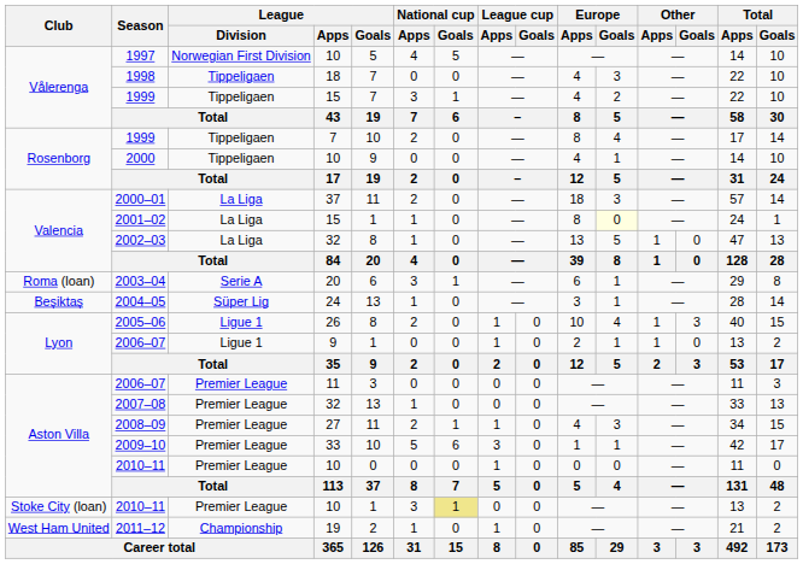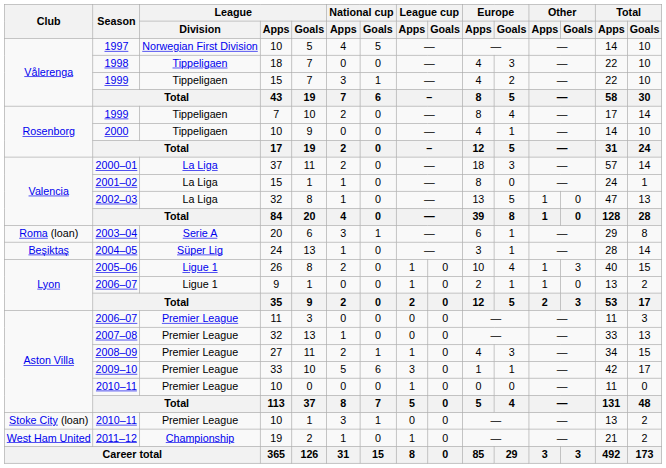 <table class="wikitable" style="text-align:center">
 <tr>
 <th rowspan="2">Club</th>
 <th rowspan="2">Season</th>
 <th colspan="3">League</th>
 <th colspan="2">National cup</th>
 <th colspan="2">League cup</th>
 <th colspan="2">Europe</th>
 <th colspan="2">Other</th>
 <th colspan="2">Total</th>
 </tr>
 <tr>
 <th>Division</th>
 <th>Apps</th>
 <th>Goals</th>
 <th>Apps</th>
 <th>Goals</th>
 <th>Apps</th>
 <th>Goals</th>
 <th>Apps</th>
 <th>Goals</th>
 <th>Apps</th>
 <th>Goals</th>
 <th>Apps</th>
 <th>Goals</th>
 </tr>
 <tr>
 <td rowspan="4"><a href='#'>Vålerenga</a></td>
 <td><a href='#'>1997</a></td>
 <td><a href='#'>Norwegian First Division</a></td>
 <td>10</td>
 <td>5</td>
 <td>4</td>
 <td>5</td>
 <td colspan="2">—</td>
 <td colspan="2">—</td>
 <td colspan="2">—</td>
 <td>14</td>
 <td>10</td>
 </tr>
 <tr>
 <td><a href='#'>1998</a></td>
 <td><a href='#'>Tippeligaen</a></td>
 <td>18</td>
 <td>7</td>
 <td>0</td>
 <td>0</td>
 <td colspan="2">—</td>
 <td>4</td>
 <td>3</td>
 <td colspan="2">—</td>
 <td>22</td>
 <td>10</td>
 </tr>
 <tr>
 <td><a href='#'>1999</a></td>
 <td>Tippeligaen</td>
 <td>15</td>
 <td>7</td>
 <td>3</td>
 <td>1</td>
 <td colspan="2">—</td>
 <td>4</td>
 <td>2</td>
 <td colspan="2">—</td>
 <td>22</td>
 <td>10</td>
 </tr>
 <tr>
 <th colspan="2">Total</th>
 <th>43</th>
 <th>19</th>
 <th>7</th>
 <th>6</th>
 <th colspan="2">–</th>
 <th>8</th>
 <th>5</th>
 <th colspan="2">—</th>
 <th>58</th>
 <th>30</th>
 </tr>
 <tr>
 <td rowspan="3"><a href='#'>Rosenborg</a></td>
 <td><a href='#'>1999</a></td>
 <td>Tippeligaen</td>
 <td>7</td>
 <td>10</td>
 <td>2</td>
 <td>0</td>
 <td colspan="2">—</td>
 <td>8</td>
 <td>4</td>
 <td colspan="2">—</td>
 <td>17</td>
 <td>14</td>
 </tr>
 <tr>
 <td><a href='#'>2000</a></td>
 <td>Tippeligaen</td>
 <td>10</td>
 <td>9</td>
 <td>0</td>
 <td>0</td>
 <td colspan="2">—</td>
 <td>4</td>
 <td>1</td>
 <td colspan="2">—</td>
 <td>14</td>
 <td>10</td>
 </tr>
 <tr>
 <th colspan="2">Total</th>
 <th>17</th>
 <th>19</th>
 <th>2</th>
 <th>0</th>
 <th colspan="2">–</th>
 <th>12</th>
 <th>5</th>
 <th colspan="2">—</th>
 <th>31</th>
 <th>24</th>
 </tr>
 <tr>
 <td rowspan="4"><a href='#'>Valencia</a></td>
 <td><a href='#'>2000–01</a></td>
 <td><a href='#'>La Liga</a></td>
 <td>37</td>
 <td>11</td>
 <td>2</td>
 <td>0</td>
 <td colspan="2">—</td>
 <td>18</td>
 <td>3</td>
 <td colspan="2">—</td>
 <td>57</td>
 <td>14</td>
 </tr>
 <tr>
 <td><a href='#'>2001–02</a></td>
 <td>La Liga</td>
 <td>15</td>
 <td>1</td>
 <td>1</td>
 <td>0</td>
 <td colspan="2">—</td>
 <td>8</td>
-<td style="background: lightyellow;">0</td>
+<td>0</td>
 <td colspan="2">—</td>
 <td>24</td>
 <td>1</td>
 </tr>
 <tr>
 <td><a href='#'>2002–03</a></td>
 <td>La Liga</td>
 <td>32</td>
 <td>8</td>
 <td>1</td>
 <td>0</td>
 <td colspan="2">—</td>
 <td>13</td>
 <td>5</td>
 <td>1</td>
 <td>0</td>
 <td>47</td>
 <td>13</td>
 </tr>
 <tr>
 <th colspan="2">Total</th>
 <th>84</th>
 <th>20</th>
 <th>4</th>
 <th>0</th>
 <th colspan="2">—</th>
 <th>39</th>
 <th>8</th>
 <th>1</th>
 <th>0</th>
 <th>128</th>
 <th>28</th>
 </tr>
 <tr>
 <td><a href='#'>Roma</a> (loan)</td>
 <td><a href='#'>2003–04</a></td>
 <td><a href='#'>Serie A</a></td>
 <td>20</td>
 <td>6</td>
 <td>3</td>
 <td>1</td>
 <td colspan="2">—</td>
 <td>6</td>
 <td>1</td>
 <td colspan="2">—</td>
 <td>29</td>
 <td>8</td>
 </tr>
 <tr>
 <td><a href='#'>Beşiktaş</a></td>
 <td><a href='#'>2004–05</a></td>
 <td><a href='#'>Süper Lig</a></td>
 <td>24</td>
 <td>13</td>
 <td>1</td>
 <td>0</td>
 <td colspan="2">—</td>
 <td>3</td>
 <td>1</td>
 <td colspan="2">—</td>
 <td>28</td>
 <td>14</td>
 </tr>
 <tr>
 <td rowspan="3"><a href='#'>Lyon</a></td>
 <td><a href='#'>2005–06</a></td>
 <td><a href='#'>Ligue 1</a></td>
 <td>26</td>
 <td>8</td>
 <td>2</td>
 <td>0</td>
 <td>1</td>
 <td>0</td>
 <td>10</td>
 <td>4</td>
 <td>1</td>
 <td>3</td>
 <td>40</td>
 <td>15</td>
 </tr>
 <tr>
 <td><a href='#'>2006–07</a></td>
 <td>Ligue 1</td>
 <td>9</td>
 <td>1</td>
 <td>0</td>
 <td>0</td>
 <td>1</td>
 <td>0</td>
 <td>2</td>
 <td>1</td>
 <td>1</td>
 <td>0</td>
 <td>13</td>
 <td>2</td>
 </tr>
 <tr>
 <th colspan="2">Total</th>
 <th>35</th>
 <th>9</th>
 <th>2</th>
 <th>0</th>
 <th>2</th>
 <th>0</th>
 <th>12</th>
 <th>5</th>
 <th>2</th>
 <th>3</th>
 <th>53</th>
 <th>17</th>
 </tr>
 <tr>
 <td rowspan="6"><a href='#'>Aston Villa</a></td>
 <td><a href='#'>2006–07</a></td>
 <td><a href='#'>Premier League</a></td>
 <td>11</td>
 <td>3</td>
 <td>0</td>
 <td>0</td>
 <td>0</td>
 <td>0</td>
 <td colspan="2">—</td>
 <td colspan="2">—</td>
 <td>11</td>
 <td>3</td>
 </tr>
 <tr>
 <td><a href='#'>2007–08</a></td>
 <td>Premier League</td>
 <td>32</td>
 <td>13</td>
 <td>1</td>
 <td>0</td>
 <td>0</td>
 <td>0</td>
 <td colspan="2">—</td>
 <td colspan="2">—</td>
 <td>33</td>
 <td>13</td>
 </tr>
 <tr>
 <td><a href='#'>2008–09</a></td>
 <td>Premier League</td>
 <td>27</td>
 <td>11</td>
 <td>2</td>
 <td>1</td>
 <td>1</td>
 <td>0</td>
 <td>4</td>
 <td>3</td>
 <td colspan="2">—</td>
 <td>34</td>
 <td>15</td>
 </tr>
 <tr>
 <td><a href='#'>2009–10</a></td>
 <td>Premier League</td>
 <td>33</td>
 <td>10</td>
 <td>5</td>
 <td>6</td>
 <td>3</td>
 <td>0</td>
 <td>1</td>
 <td>1</td>
 <td colspan="2">—</td>
 <td>42</td>
 <td>17</td>
 </tr>
 <tr>
 <td><a href='#'>2010–11</a></td>
 <td>Premier League</td>
 <td>10</td>
 <td>0</td>
 <td>0</td>
 <td>0</td>
 <td>1</td>
 <td>0</td>
 <td>0</td>
 <td>0</td>
 <td colspan="2">—</td>
 <td>11</td>
 <td>0</td>
 </tr>
 <tr>
 <th colspan="2">Total</th>
 <th>113</th>
 <th>37</th>
 <th>8</th>
 <th>7</th>
 <th>5</th>
 <th>0</th>
 <th>5</th>
 <th>4</th>
 <th colspan="2">—</th>
 <th>131</th>
 <th>48</th>
 </tr>
 <tr>
 <td><a href='#'>Stoke City</a> (loan)</td>
 <td><a href='#'>2010–11</a></td>
 <td>Premier League</td>
 <td>10</td>
 <td>1</td>
 <td>3</td>
-<td style="background: khaki;">1</td>
+<td>1</td>
 <td>0</td>
 <td>0</td>
 <td colspan="2">—</td>
 <td colspan="2">—</td>
 <td>13</td>
 <td>2</td>
 </tr>
 <tr>
 <td><a href='#'>West Ham United</a></td>
 <td><a href='#'>2011–12</a></td>
 <td><a href='#'>Championship</a></td>
 <td>19</td>
 <td>2</td>
 <td>1</td>
 <td>0</td>
 <td>1</td>
 <td>0</td>
 <td colspan="2">—</td>
 <td colspan="2">—</td>
 <td>21</td>
 <td>2</td>
 </tr>
 <tr>
 <th colspan="3">Career total</th>
 <th>365</th>
 <th>126</th>
 <th>31</th>
 <th>15</th>
 <th>8</th>
 <th>0</th>
 <th>85</th>
 <th>29</th>
 <th>3</th>
 <th>3</th>
 <th>492</th>
 <th>173</th>
 </tr>
 </table>
